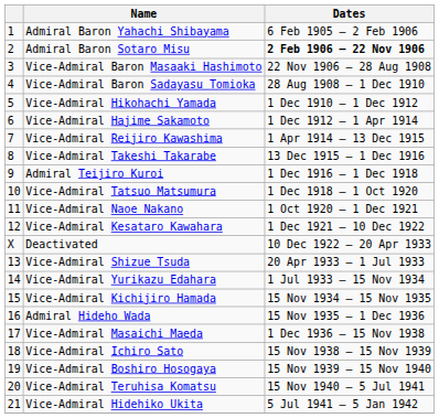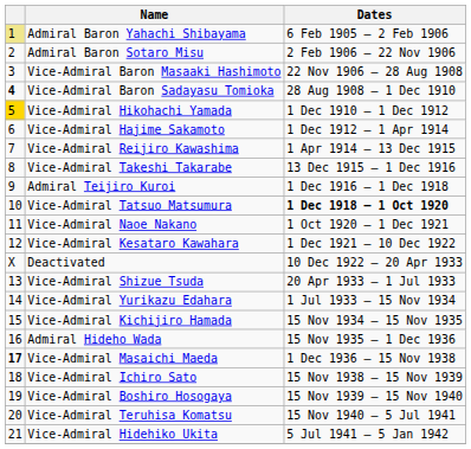 <table class=wikitable>
 <tr>
 <th></th>
 <th>Name</th>
 <th>Dates</th>
 </tr>
 <tr>
-<td>1</td>
+<td style="background: khaki;">1</td>
 <td>Admiral Baron <a href='#'>Yahachi Shibayama</a></td>
 <td>6 Feb 1905 – 2 Feb 1906</td>
 </tr>
 <tr>
 <td>2</td>
 <td>Admiral Baron <a href='#'>Sotaro Misu</a></td>
-<td><strong>2 Feb 1906 – 22 Nov 1906</strong></td>
+<td>2 Feb 1906 – 22 Nov 1906</td>
 </tr>
 <tr>
 <td>3</td>
 <td>Vice-Admiral Baron <a href='#'>Masaaki Hashimoto</a></td>
 <td>22 Nov 1906 – 28 Aug 1908</td>
 </tr>
 <tr>
-<td>4</td>
+<td><strong>4</strong></td>
 <td>Vice-Admiral Baron <a href='#'>Sadayasu Tomioka</a></td>
 <td>28 Aug 1908 – 1 Dec 1910</td>
 </tr>
 <tr>
-<td>5</td>
+<td style="background: gold;">5</td>
 <td>Vice-Admiral <a href='#'>Hikohachi Yamada</a></td>
 <td>1 Dec 1910 – 1 Dec 1912</td>
 </tr>
 <tr>
 <td>6</td>
 <td>Vice-Admiral <a href='#'>Hajime Sakamoto</a></td>
 <td>1 Dec 1912 – 1 Apr 1914</td>
 </tr>
 <tr>
 <td>7</td>
 <td>Vice-Admiral <a href='#'>Reijiro Kawashima</a></td>
 <td>1 Apr 1914 – 13 Dec 1915</td>
 </tr>
 <tr>
 <td>8</td>
 <td>Vice-Admiral <a href='#'>Takeshi Takarabe</a></td>
 <td>13 Dec 1915 – 1 Dec 1916</td>
 </tr>
 <tr>
 <td>9</td>
 <td>Admiral <a href='#'>Teijiro Kuroi</a></td>
 <td>1 Dec 1916 – 1 Dec 1918</td>
 </tr>
 <tr>
 <td>10</td>
 <td>Vice-Admiral <a href='#'>Tatsuo Matsumura</a></td>
-<td>1 Dec 1918 – 1 Oct 1920</td>
+<td><strong>1 Dec 1918 – 1 Oct 1920</strong></td>
 </tr>
 <tr>
 <td>11</td>
 <td>Vice-Admiral <a href='#'>Naoe Nakano</a></td>
 <td>1 Oct 1920 – 1 Dec 1921</td>
 </tr>
 <tr>
 <td>12</td>
 <td>Vice-Admiral <a href='#'>Kesataro Kawahara</a></td>
 <td>1 Dec 1921 – 10 Dec 1922</td>
 </tr>
 <tr>
 <td>X</td>
 <td>Deactivated</td>
 <td>10 Dec 1922 – 20 Apr 1933</td>
 </tr>
 <tr>
 <td>13</td>
 <td>Vice-Admiral <a href='#'>Shizue Tsuda</a></td>
 <td>20 Apr 1933 – 1 Jul 1933</td>
 </tr>
 <tr>
 <td>14</td>
 <td>Vice-Admiral <a href='#'>Yurikazu Edahara</a></td>
 <td>1 Jul 1933 – 15 Nov 1934</td>
 </tr>
 <tr>
 <td>15</td>
 <td>Vice-Admiral <a href='#'>Kichijiro Hamada</a></td>
 <td>15 Nov 1934 – 15 Nov 1935</td>
 </tr>
 <tr>
 <td>16</td>
 <td>Admiral <a href='#'>Hideho Wada</a></td>
 <td>15 Nov 1935 – 1 Dec 1936</td>
 </tr>
 <tr>
-<td>17</td>
+<td><strong>17</strong></td>
 <td>Vice-Admiral <a href='#'>Masaichi Maeda</a></td>
 <td>1 Dec 1936 – 15 Nov 1938</td>
 </tr>
 <tr>
 <td>18</td>
 <td>Vice-Admiral <a href='#'>Ichiro Sato</a></td>
 <td>15 Nov 1938 – 15 Nov 1939</td>
 </tr>
 <tr>
 <td>19</td>
 <td>Vice-Admiral <a href='#'>Boshiro Hosogaya</a></td>
 <td>15 Nov 1939 – 15 Nov 1940</td>
 </tr>
 <tr>
 <td>20</td>
 <td>Vice-Admiral <a href='#'>Teruhisa Komatsu</a></td>
 <td>15 Nov 1940 – 5 Jul 1941</td>
 </tr>
 <tr>
 <td>21</td>
 <td>Vice-Admiral <a href='#'>Hidehiko Ukita</a></td>
 <td>5 Jul 1941 – 5 Jan 1942</td>
 </tr>
 <tr>
 </tr>
 </table>
